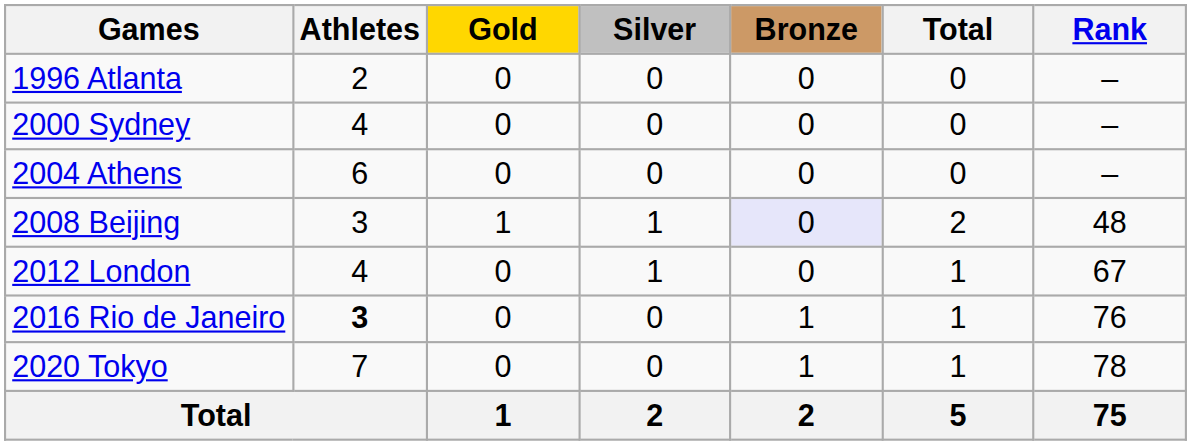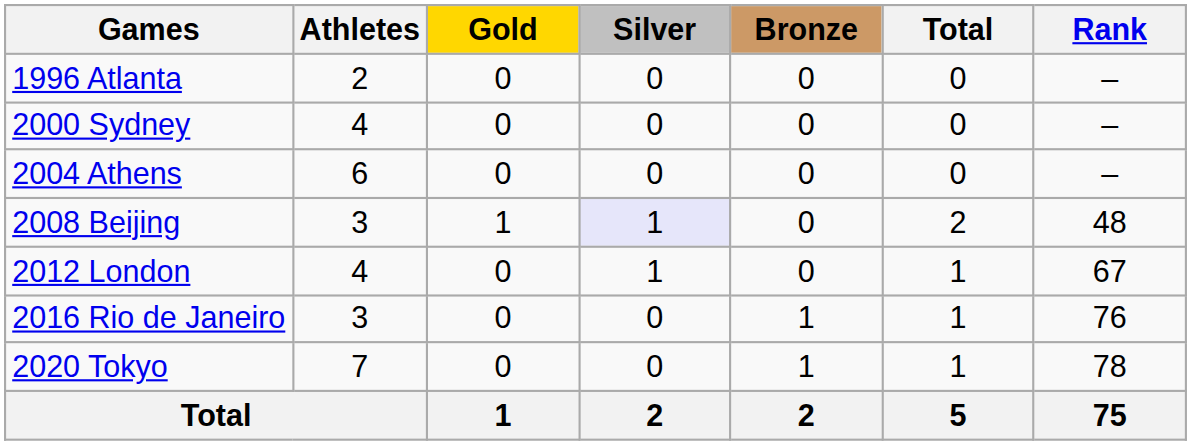 <table class="wikitable" style="text-align:center; font-size:90%;">
 <tr>
 <th>Games</th>
 <th>Athletes</th>
 <td style="background:gold; width:4.5em; font-weight:bold;">Gold</td>
 <td style="background:silver; width:4.5em; font-weight:bold;">Silver</td>
 <td style="background:#cc9966; width:4.5em; font-weight:bold;">Bronze</td>
 <th style="width:4.5em; font-weight:bold;">Total</th>
 <th style="width:4.5em; font-weight:bold;"><a href='#'>Rank</a></th>
 </tr>
 <tr>
 <td align=left><a href='#'>1996 Atlanta</a></td>
 <td>2</td>
 <td>0</td>
 <td>0</td>
 <td>0</td>
 <td>0</td>
 <td>–</td>
 </tr>
 <tr>
 <td align=left><a href='#'>2000 Sydney</a></td>
 <td>4</td>
 <td>0</td>
 <td>0</td>
 <td>0</td>
 <td>0</td>
 <td>–</td>
 </tr>
 <tr>
 <td align=left><a href='#'>2004 Athens</a></td>
 <td>6</td>
 <td>0</td>
 <td>0</td>
 <td>0</td>
 <td>0</td>
 <td>–</td>
 </tr>
 <tr>
 <td align=left><a href='#'>2008 Beijing</a></td>
 <td>3</td>
 <td>1</td>
-<td>1</td>
-<td style="background: lavender;">0</td>
+<td style="background: lavender;">1</td>
+<td>0</td>
 <td>2</td>
 <td>48</td>
 </tr>
 <tr>
 <td align=left><a href='#'>2012 London</a></td>
 <td>4</td>
 <td>0</td>
 <td>1</td>
 <td>0</td>
 <td>1</td>
 <td>67</td>
 </tr>
 <tr>
 <td align=left><a href='#'>2016 Rio de Janeiro</a></td>
-<td><strong>3</strong></td>
+<td>3</td>
 <td>0</td>
 <td>0</td>
 <td>1</td>
 <td>1</td>
 <td>76</td>
 </tr>
 <tr>
 <td align=left><a href='#'>2020 Tokyo</a></td>
 <td>7</td>
 <td>0</td>
 <td>0</td>
 <td>1</td>
 <td>1</td>
 <td>78</td>
 </tr>
 <tr>
 <th colspan=2>Total</th>
 <th>1</th>
 <th>2</th>
 <th>2</th>
 <th>5</th>
 <th>75</th>
 </tr>
 </table>
